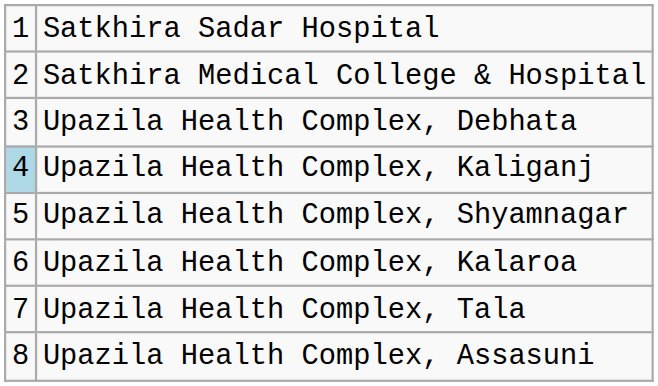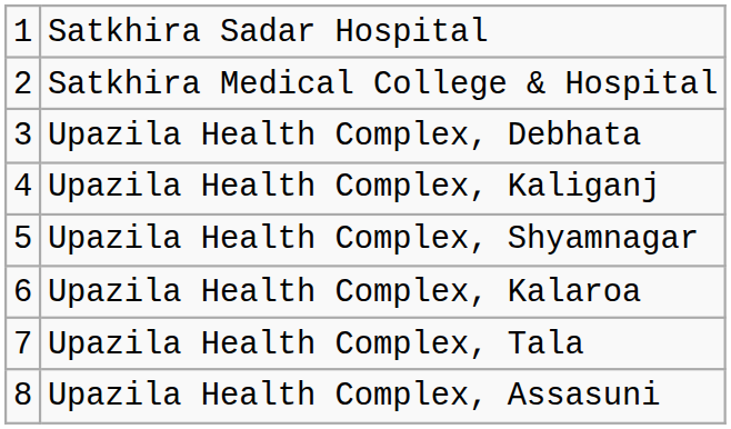 <table class="wikitable">
 <tr>
 <td>1</td>
 <td>Satkhira Sadar Hospital</td>
 </tr>
 <tr>
 <td>2</td>
 <td>Satkhira Medical College & Hospital</td>
 </tr>
 <tr>
 <td>3</td>
 <td>Upazila Health Complex, Debhata</td>
 </tr>
 <tr>
-<td style="background: lightblue;">4</td>
+<td>4</td>
 <td>Upazila Health Complex, Kaliganj</td>
 </tr>
 <tr>
 <td>5</td>
 <td>Upazila Health Complex, Shyamnagar</td>
 </tr>
 <tr>
 <td>6</td>
 <td>Upazila Health Complex, Kalaroa</td>
 </tr>
 <tr>
 <td>7</td>
 <td>Upazila Health Complex, Tala</td>
 </tr>
 <tr>
 <td>8</td>
 <td>Upazila Health Complex, Assasuni</td>
 </tr>
 </table>
